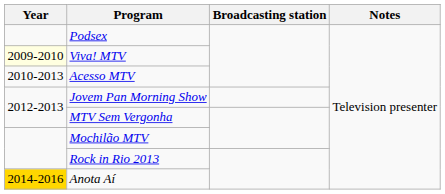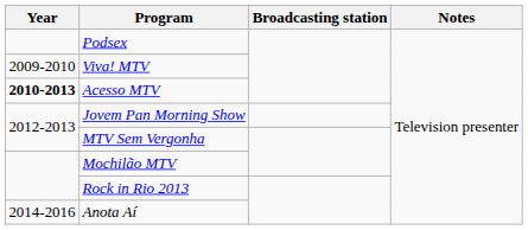 <table class="wikitable">
 <tr>
 <th>Year</th>
 <th>Program</th>
 <th>Broadcasting station</th>
 <th>Notes</th>
 </tr>
 <tr>
 <td></td>
 <td><em><a href='#'>Podsex</a></em></td>
 <td rowspan="3"></td>
 <td rowspan="8">Television presenter</td>
 </tr>
 <tr>
-<td style="background: lightyellow;">2009-2010</td>
+<td>2009-2010</td>
 <td><em><a href='#'>Viva! MTV</a></em></td>
 </tr>
 <tr>
-<td>2010-2013</td>
+<td><strong>2010-2013</strong></td>
 <td><em><a href='#'>Acesso MTV</a></em></td>
 </tr>
 <tr>
 <td rowspan="2">2012-2013</td>
 <td><em><a href='#'>Jovem Pan Morning Show</a></em></td>
 <td></td>
 </tr>
 <tr>
 <td><em><a href='#'>MTV Sem Vergonha</a></em></td>
 <td rowspan="2"></td>
 </tr>
 <tr>
 <td rowspan="2"></td>
 <td><em><a href='#'>Mochilão MTV</a></em></td>
 </tr>
 <tr>
 <td><em><a href='#'>Rock in Rio 2013</a></em> </td>
 <td rowspan="2"></td>
 </tr>
 <tr>
-<td style="background: gold;">2014-2016</td>
+<td>2014-2016</td>
 <td><em>Anota Aí</em></td>
 </tr>
 </table>
